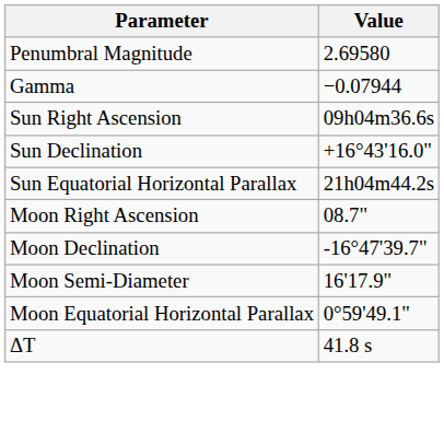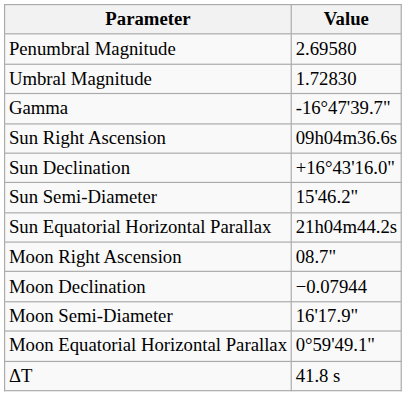 <table class="wikitable">
 <tr>
 <th>Parameter</th>
 <th>Value</th>
 </tr>
 <tr>
 <td>Penumbral Magnitude</td>
 <td>2.69580</td>
 </tr>
 <tr>
+<td>Umbral Magnitude</td>
+<td>1.72830</td>
+</tr>
+<tr>
 <td>Gamma</td>
-<td>−0.07944</td>
+<td>-16°47'39.7"</td>
 </tr>
 <tr>
 <td>Sun Right Ascension</td>
 <td>09h04m36.6s</td>
 </tr>
 <tr>
 <td>Sun Declination</td>
 <td>+16°43'16.0"</td>
+</tr>
+<tr>
+<td>Sun Semi-Diameter</td>
+<td>15'46.2"</td>
 </tr>
 <tr>
 <td>Sun Equatorial Horizontal Parallax</td>
 <td>21h04m44.2s</td>
 </tr>
 <tr>
 <td>Moon Right Ascension</td>
 <td>08.7"</td>
 </tr>
 <tr>
 <td>Moon Declination</td>
-<td>-16°47'39.7"</td>
+<td>−0.07944</td>
 </tr>
 <tr>
 <td>Moon Semi-Diameter</td>
 <td>16'17.9"</td>
 </tr>
 <tr>
 <td>Moon Equatorial Horizontal Parallax</td>
 <td>0°59'49.1"</td>
 </tr>
 <tr>
 <td>ΔT</td>
 <td>41.8 s</td>
 </tr>
 </table>
